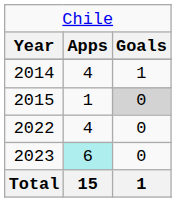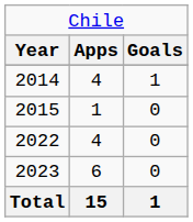 <table class="wikitable" style="text-align:center">
 <tr>
 <td colspan=3><a href='#'>Chile</a></td>
 </tr>
 <tr>
 <th>Year</th>
 <th>Apps</th>
 <th>Goals</th>
 </tr>
 <tr>
 </tr>
 <tr>
 <td>2014</td>
 <td>4</td>
 <td>1</td>
 </tr>
 <tr>
 <td>2015</td>
 <td>1</td>
-<td style="background: lightgrey;">0</td>
+<td>0</td>
 </tr>
 <tr>
 <td>2022</td>
 <td>4</td>
 <td>0</td>
 </tr>
 <tr>
 <td>2023</td>
-<td style="background: paleturquoise;">6</td>
+<td>6</td>
 <td>0</td>
 </tr>
 <tr>
 <th>Total</th>
 <th>15</th>
 <th>1</th>
 </tr>
 </table>
